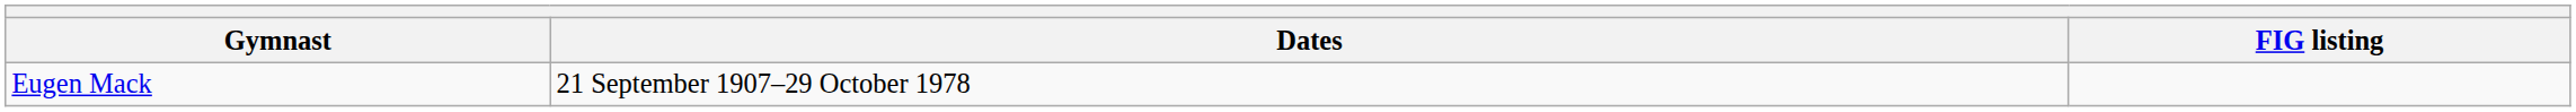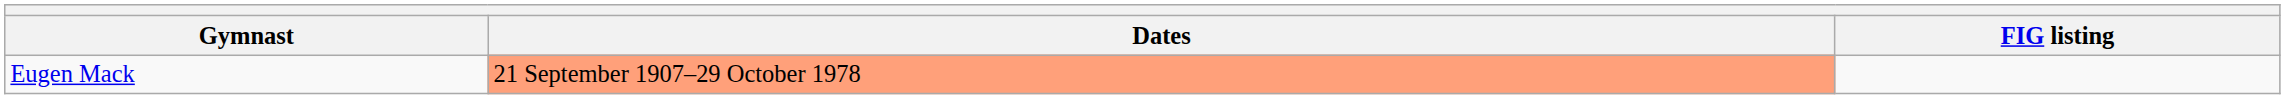 <table class="wikitable mw-collapsible mw-collapsed" width="75%">
 <tr>
 <th colspan="3"></th>
 </tr>
 <tr>
 <th>Gymnast</th>
 <th>Dates</th>
 <th><a href='#'>FIG</a> listing</th>
 </tr>
 <tr>
 <td><a href='#'>Eugen Mack</a></td>
-<td>21 September 1907–29 October 1978</td>
+<td style="background: lightsalmon;">21 September 1907–29 October 1978</td>
 <td></td>
 </tr>
 </table>
